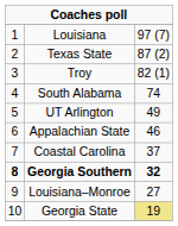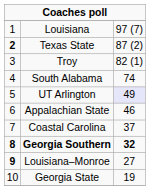 <table class="wikitable">
 <tr align="center">
 <td align="center" Colspan="3"><strong>Coaches poll</strong></td>
 </tr>
 <tr align="center">
 </tr>
 <tr align="center">
 <td>1</td>
 <td>Louisiana</td>
 <td>97 (7)</td>
 </tr>
 <tr align="center">
-<td>2</td>
+<td><strong>2</strong></td>
 <td>Texas State</td>
 <td>87 (2)</td>
 </tr>
 <tr align="center">
 <td>3</td>
 <td>Troy</td>
 <td>82 (1)</td>
 </tr>
 <tr align="center">
 <td>4</td>
 <td>South Alabama</td>
 <td>74</td>
 </tr>
 <tr align="center">
 <td>5</td>
 <td>UT Arlington</td>
-<td>49</td>
+<td style="background: lavender;">49</td>
 </tr>
 <tr align="center">
 <td>6</td>
 <td>Appalachian State</td>
 <td>46</td>
 </tr>
 <tr align="center">
 <td>7</td>
 <td>Coastal Carolina</td>
 <td>37</td>
 </tr>
 <tr align="center">
 <td><strong>8</strong></td>
 <td><strong>Georgia Southern</strong></td>
 <td><strong>32</strong></td>
 </tr>
 <tr align="center">
-<td>9</td>
+<td><strong>9</strong></td>
 <td>Louisiana–Monroe</td>
 <td>27</td>
 </tr>
 <tr align="center">
 <td>10</td>
 <td>Georgia State</td>
-<td style="background: khaki;">19</td>
+<td>19</td>
 </tr>
 <tr align="center">
 </tr>
 </table>
